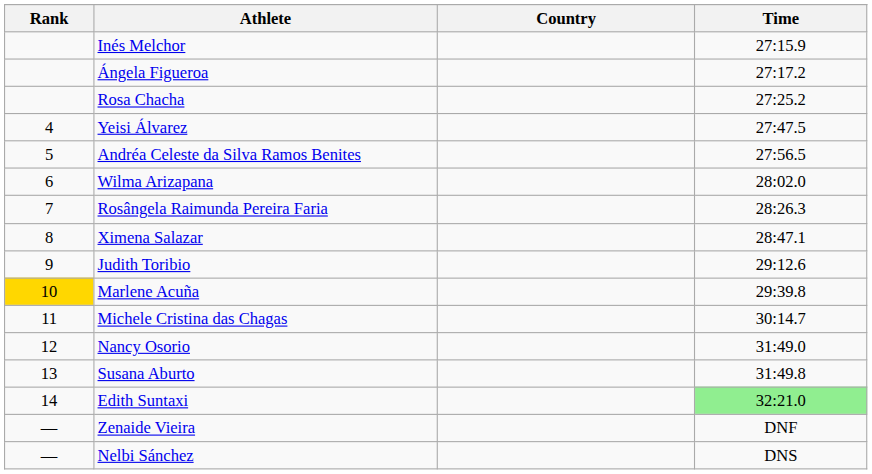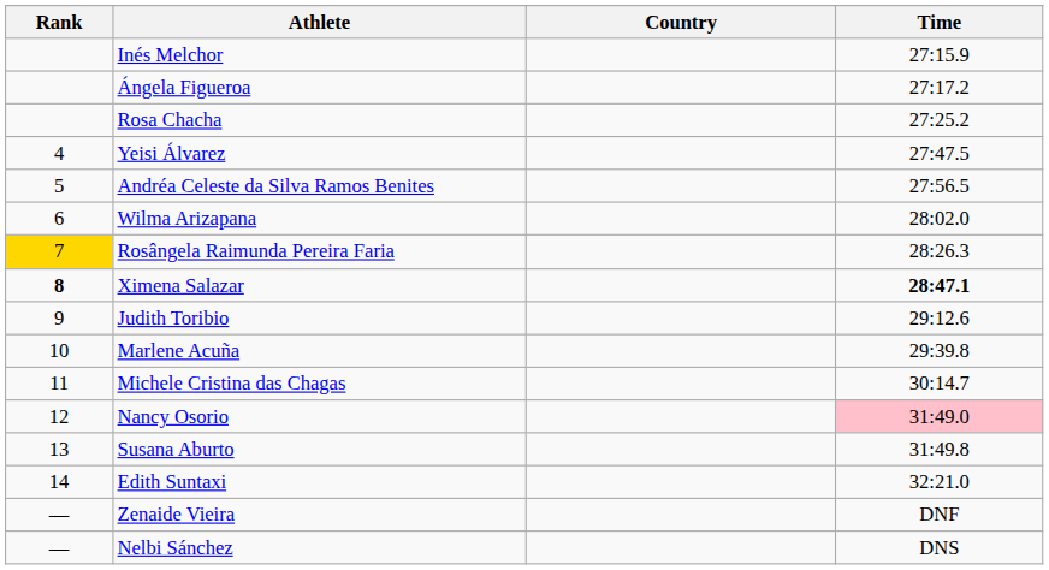 <table class="wikitable sortable" style=" text-align:center; font-size:95%;" width="50%">
 <tr>
 </tr>
 <tr>
 <th width=5%>Rank</th>
 <th width=20%>Athlete</th>
 <th width=15%>Country</th>
 <th width=10%>Time</th>
 </tr>
 <tr>
 <td align=center></td>
 <td align=left><a href='#'>Inés Melchor</a></td>
 <td align=left></td>
 <td>27:15.9</td>
 </tr>
 <tr>
 <td align=center></td>
 <td align=left><a href='#'>Ángela Figueroa</a></td>
 <td align=left></td>
 <td>27:17.2</td>
 </tr>
 <tr>
 <td align=center></td>
 <td align=left><a href='#'>Rosa Chacha</a></td>
 <td align=left></td>
 <td>27:25.2</td>
 </tr>
 <tr>
 <td align=center>4</td>
 <td align=left><a href='#'>Yeisi Álvarez</a></td>
 <td align=left></td>
 <td>27:47.5</td>
 </tr>
 <tr>
 <td align=center>5</td>
 <td align=left><a href='#'>Andréa Celeste da Silva Ramos Benites</a></td>
 <td align=left></td>
 <td>27:56.5</td>
 </tr>
 <tr>
 <td align=center>6</td>
 <td align=left><a href='#'>Wilma Arizapana</a></td>
 <td align=left></td>
 <td>28:02.0</td>
 </tr>
 <tr>
-<td align=center>7</td>
+<td align=center style="background: gold;">7</td>
 <td align=left><a href='#'>Rosângela Raimunda Pereira Faria</a></td>
 <td align=left></td>
 <td>28:26.3</td>
 </tr>
 <tr>
-<td align=center>8</td>
+<td align=center><strong>8</strong></td>
 <td align=left><a href='#'>Ximena Salazar</a></td>
 <td align=left></td>
-<td>28:47.1</td>
+<td><strong>28:47.1</strong></td>
 </tr>
 <tr>
 <td align=center>9</td>
 <td align=left><a href='#'>Judith Toribio</a></td>
 <td align=left></td>
 <td>29:12.6</td>
 </tr>
 <tr>
-<td align=center style="background: gold;">10</td>
+<td align=center>10</td>
 <td align=left><a href='#'>Marlene Acuña</a></td>
 <td align=left></td>
 <td>29:39.8</td>
 </tr>
 <tr>
 <td align=center>11</td>
 <td align=left><a href='#'>Michele Cristina das Chagas</a></td>
 <td align=left></td>
 <td>30:14.7</td>
 </tr>
 <tr>
 <td align=center>12</td>
 <td align=left><a href='#'>Nancy Osorio</a></td>
 <td align=left></td>
-<td>31:49.0</td>
+<td style="background: pink;">31:49.0</td>
 </tr>
 <tr>
 <td align=center>13</td>
 <td align=left><a href='#'>Susana Aburto</a></td>
 <td align=left></td>
 <td>31:49.8</td>
 </tr>
 <tr>
 <td align=center>14</td>
 <td align=left><a href='#'>Edith Suntaxi</a></td>
 <td align=left></td>
-<td style="background: lightgreen;">32:21.0</td>
+<td>32:21.0</td>
 </tr>
 <tr>
 <td align=center>—</td>
 <td align=left><a href='#'>Zenaide Vieira</a></td>
 <td align=left></td>
 <td>DNF</td>
 </tr>
 <tr>
 <td align=center>—</td>
 <td align=left><a href='#'>Nelbi Sánchez</a></td>
 <td align=left></td>
 <td>DNS</td>
 </tr>
 </table>
